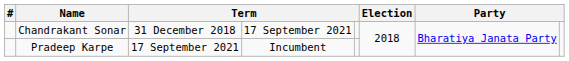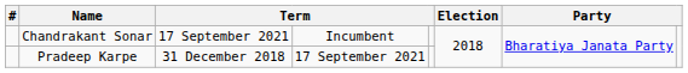 <table class="wikitable">
 <tr style="text-align:center">
 <th>#</th>
 <th>Name</th>
 <th colspan="3">Term</th>
 <th>Election</th>
 <th colspan="2">Party</th>
 </tr>
 <tr style="text-align:center">
 <td></td>
 <td>Chandrakant Sonar</td>
-<td>31 December 2018</td>
 <td>17 September 2021</td>
+<td>Incumbent</td>
 <td></td>
 <td rowspan="2">2018</td>
 <td rowspan="2"><a href='#'>Bharatiya Janata Party</a></td>
 <td rowspan="2"></td>
 </tr>
 <tr style="text-align:center">
 <td></td>
 <td>Pradeep Karpe</td>
+<td>31 December 2018</td>
 <td>17 September 2021</td>
-<td>Incumbent</td>
 <td></td>
 </tr>
 </table>
